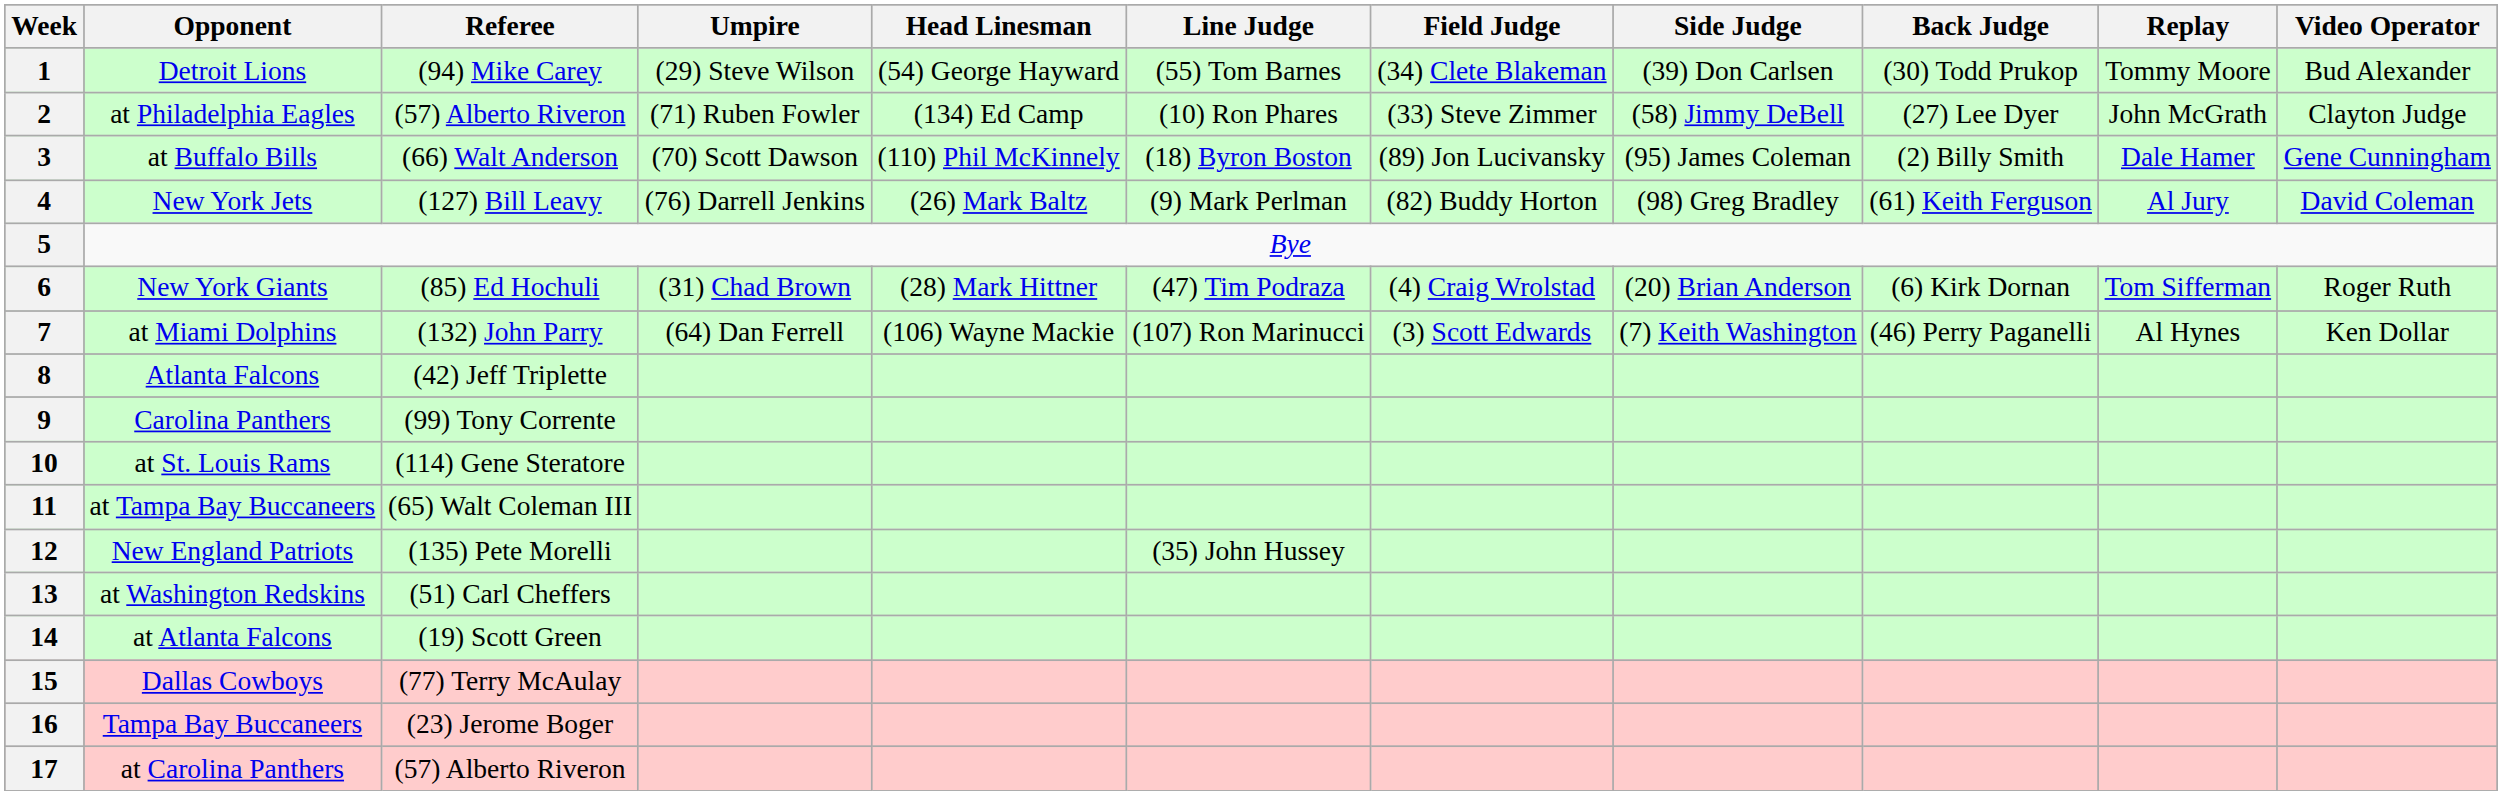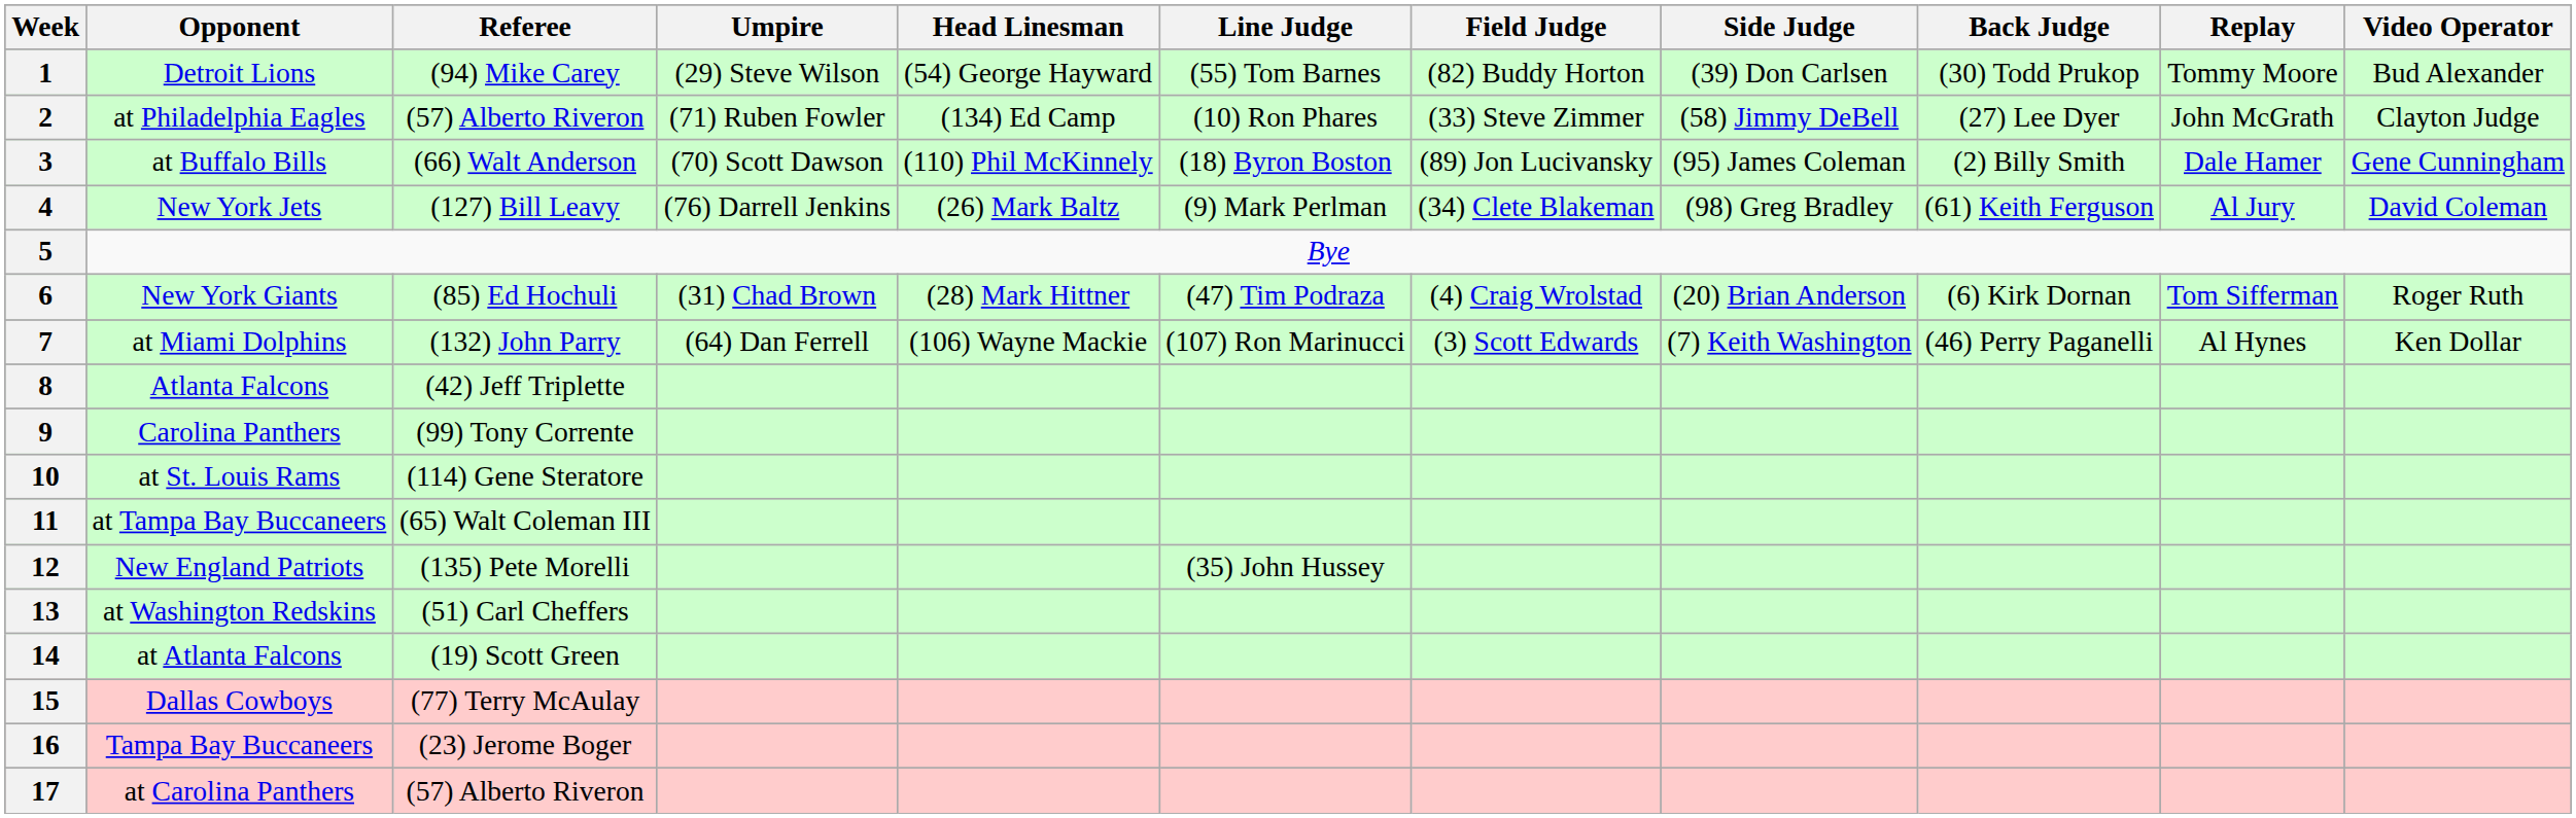 <table class="wikitable" style="text-align:center;">
 <tr>
 <th>Week</th>
 <th>Opponent</th>
 <th>Referee</th>
 <th>Umpire</th>
 <th>Head Linesman</th>
 <th>Line Judge</th>
 <th>Field Judge</th>
 <th>Side Judge</th>
 <th>Back Judge</th>
 <th>Replay</th>
 <th>Video Operator</th>
 </tr>
 <tr style="background:#cfc;">
 <th>1</th>
 <td><a href='#'>Detroit Lions</a></td>
 <td>(94) <a href='#'>Mike Carey</a></td>
 <td>(29) Steve Wilson</td>
 <td>(54) George Hayward</td>
 <td>(55) Tom Barnes</td>
-<td>(34) <a href='#'>Clete Blakeman</a></td>
+<td>(82) Buddy Horton</td>
 <td>(39) Don Carlsen</td>
 <td>(30) Todd Prukop</td>
 <td>Tommy Moore</td>
 <td>Bud Alexander</td>
 </tr>
 <tr style="background:#cfc;">
 <th>2</th>
 <td>at <a href='#'>Philadelphia Eagles</a></td>
 <td>(57) <a href='#'>Alberto Riveron</a></td>
 <td>(71) Ruben Fowler</td>
 <td>(134) Ed Camp</td>
 <td>(10) Ron Phares</td>
 <td>(33) Steve Zimmer</td>
 <td>(58) <a href='#'>Jimmy DeBell</a></td>
 <td>(27) Lee Dyer</td>
 <td>John McGrath</td>
 <td>Clayton Judge</td>
 </tr>
 <tr style="background:#cfc;">
 <th>3</th>
 <td>at <a href='#'>Buffalo Bills</a></td>
 <td>(66) <a href='#'>Walt Anderson</a></td>
 <td>(70) Scott Dawson</td>
 <td>(110) <a href='#'>Phil McKinnely</a></td>
 <td>(18) <a href='#'>Byron Boston</a></td>
 <td>(89) Jon Lucivansky</td>
 <td>(95) James Coleman</td>
 <td>(2) Billy Smith</td>
 <td><a href='#'>Dale Hamer</a></td>
 <td><a href='#'>Gene Cunningham</a></td>
 </tr>
 <tr style="background:#cfc;">
 <th>4</th>
 <td><a href='#'>New York Jets</a></td>
 <td>(127) <a href='#'>Bill Leavy</a></td>
 <td>(76) Darrell Jenkins</td>
 <td>(26) <a href='#'>Mark Baltz</a></td>
 <td>(9) Mark Perlman</td>
-<td>(82) Buddy Horton</td>
+<td>(34) <a href='#'>Clete Blakeman</a></td>
 <td>(98) Greg Bradley</td>
 <td>(61) <a href='#'>Keith Ferguson</a></td>
 <td><a href='#'>Al Jury</a></td>
 <td><a href='#'>David Coleman</a></td>
 </tr>
 <tr>
 <th>5</th>
 <td colspan="11"><em><a href='#'>Bye</a></em></td>
 </tr>
 <tr style="background:#cfc;">
 <th>6</th>
 <td><a href='#'>New York Giants</a></td>
 <td>(85) <a href='#'>Ed Hochuli</a></td>
 <td>(31) <a href='#'>Chad Brown</a></td>
 <td>(28) <a href='#'>Mark Hittner</a></td>
 <td>(47) <a href='#'>Tim Podraza</a></td>
 <td>(4) <a href='#'>Craig Wrolstad</a></td>
 <td>(20) <a href='#'>Brian Anderson</a></td>
 <td>(6) Kirk Dornan</td>
 <td><a href='#'>Tom Sifferman</a></td>
 <td>Roger Ruth</td>
 </tr>
 <tr style="background:#cfc;">
 <th>7</th>
 <td>at <a href='#'>Miami Dolphins</a></td>
 <td>(132) <a href='#'>John Parry</a></td>
 <td>(64) Dan Ferrell</td>
 <td>(106) Wayne Mackie</td>
 <td>(107) Ron Marinucci</td>
 <td>(3) <a href='#'>Scott Edwards</a></td>
 <td>(7) <a href='#'>Keith Washington</a></td>
 <td>(46) Perry Paganelli</td>
 <td>Al Hynes</td>
 <td>Ken Dollar</td>
 </tr>
 <tr style="background:#cfc;">
 <th>8</th>
 <td><a href='#'>Atlanta Falcons</a></td>
 <td>(42) Jeff Triplette</td>
 <td></td>
 <td></td>
 <td></td>
 <td></td>
 <td></td>
 <td></td>
 <td></td>
 <td></td>
 </tr>
 <tr style="background:#cfc;">
 <th>9</th>
 <td><a href='#'>Carolina Panthers</a></td>
 <td>(99) Tony Corrente</td>
 <td></td>
 <td></td>
 <td></td>
 <td></td>
 <td></td>
 <td></td>
 <td></td>
 <td></td>
 </tr>
 <tr style="background:#cfc;">
 <th>10</th>
 <td>at <a href='#'>St. Louis Rams</a></td>
 <td>(114) Gene Steratore</td>
 <td></td>
 <td></td>
 <td></td>
 <td></td>
 <td></td>
 <td></td>
 <td></td>
 <td></td>
 </tr>
 <tr style="background:#cfc;">
 <th>11</th>
 <td>at <a href='#'>Tampa Bay Buccaneers</a></td>
 <td>(65) Walt Coleman III</td>
 <td></td>
 <td></td>
 <td></td>
 <td></td>
 <td></td>
 <td></td>
 <td></td>
 <td></td>
 </tr>
 <tr style="background:#cfc;">
 <th>12</th>
 <td><a href='#'>New England Patriots</a></td>
 <td>(135) Pete Morelli</td>
 <td></td>
 <td></td>
 <td>(35) John Hussey</td>
 <td></td>
 <td></td>
 <td></td>
 <td></td>
 <td></td>
 </tr>
 <tr style="background:#cfc;">
 <th>13</th>
 <td>at <a href='#'>Washington Redskins</a></td>
 <td>(51) Carl Cheffers</td>
 <td></td>
 <td></td>
 <td></td>
 <td></td>
 <td></td>
 <td></td>
 <td></td>
 <td></td>
 </tr>
 <tr style="background:#cfc;">
 <th>14</th>
 <td>at <a href='#'>Atlanta Falcons</a></td>
 <td>(19) Scott Green</td>
 <td></td>
 <td></td>
 <td></td>
 <td></td>
 <td></td>
 <td></td>
 <td></td>
 <td></td>
 </tr>
 <tr style="background:#fcc;">
 <th>15</th>
 <td><a href='#'>Dallas Cowboys</a></td>
 <td>(77) Terry McAulay</td>
 <td></td>
 <td></td>
 <td></td>
 <td></td>
 <td></td>
 <td></td>
 <td></td>
 <td></td>
 </tr>
 <tr style="background:#fcc;">
 <th>16</th>
 <td><a href='#'>Tampa Bay Buccaneers</a></td>
 <td>(23) Jerome Boger</td>
 <td></td>
 <td></td>
 <td></td>
 <td></td>
 <td></td>
 <td></td>
 <td></td>
 <td></td>
 </tr>
 <tr style="background:#fcc;">
 <th>17</th>
 <td>at <a href='#'>Carolina Panthers</a></td>
 <td>(57) Alberto Riveron</td>
 <td></td>
 <td></td>
 <td></td>
 <td></td>
 <td></td>
 <td></td>
 <td></td>
 <td></td>
 </tr>
 </table>
